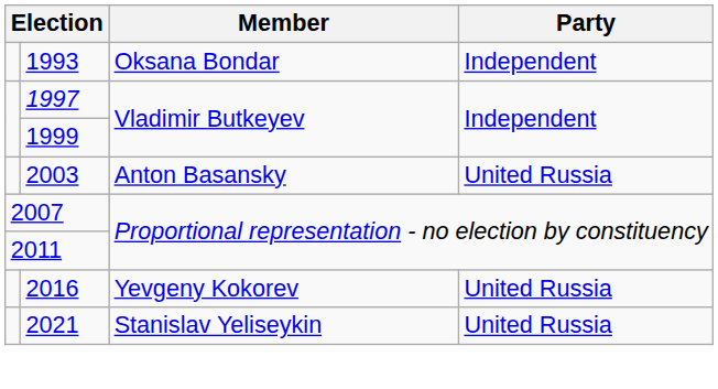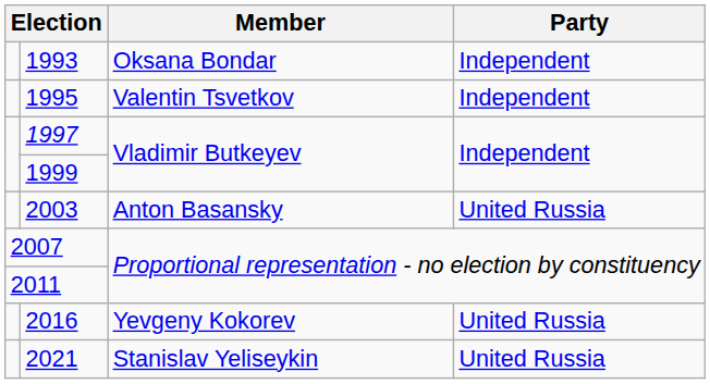 <table class="wikitable">
 <tr>
 <th colspan="2">Election</th>
 <th>Member</th>
 <th>Party</th>
 </tr>
 <tr>
 <td style="background-color: "></td>
 <td><a href='#'>1993</a></td>
 <td><a href='#'>Oksana Bondar</a></td>
+<td><a href='#'>Independent</a></td>
+</tr>
+<tr>
+<td style="background-color: "></td>
+<td><a href='#'>1995</a></td>
+<td><a href='#'>Valentin Tsvetkov</a></td>
 <td><a href='#'>Independent</a></td>
 </tr>
 <tr>
 <td rowspan=2 style="background-color: "></td>
 <td><em><a href='#'>1997</a></em></td>
 <td rowspan=2><a href='#'>Vladimir Butkeyev</a></td>
 <td rowspan=2><a href='#'>Independent</a></td>
 </tr>
 <tr>
 <td><a href='#'>1999</a></td>
 </tr>
 <tr>
 <td style="background-color: "></td>
 <td><a href='#'>2003</a></td>
 <td><a href='#'>Anton Basansky</a></td>
 <td><a href='#'>United Russia</a></td>
 </tr>
 <tr>
 <td colspan=2><a href='#'>2007</a></td>
 <td colspan=2 rowspan=2><em><a href='#'>Proportional representation</a> - no election by constituency</em></td>
 </tr>
 <tr>
 <td colspan=2><a href='#'>2011</a></td>
 </tr>
 <tr>
 <td style="background-color: "></td>
 <td><a href='#'>2016</a></td>
 <td><a href='#'>Yevgeny Kokorev</a></td>
 <td><a href='#'>United Russia</a></td>
 </tr>
 <tr>
 <td style="background-color: "></td>
 <td><a href='#'>2021</a></td>
 <td><a href='#'>Stanislav Yeliseykin</a></td>
 <td><a href='#'>United Russia</a></td>
 </tr>
 </table>
